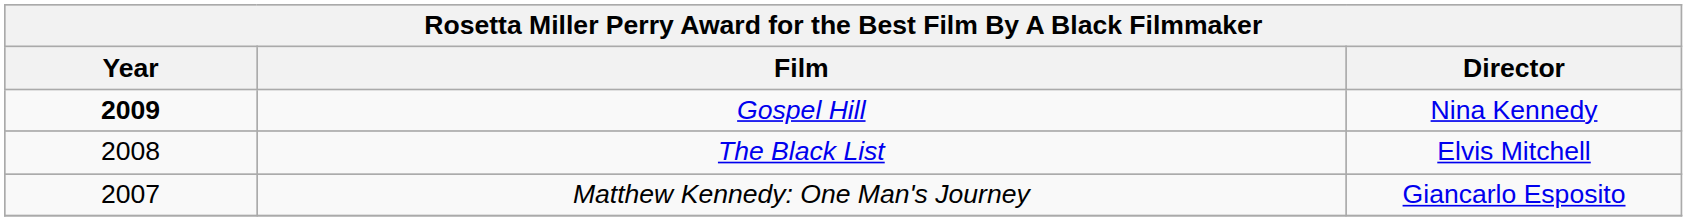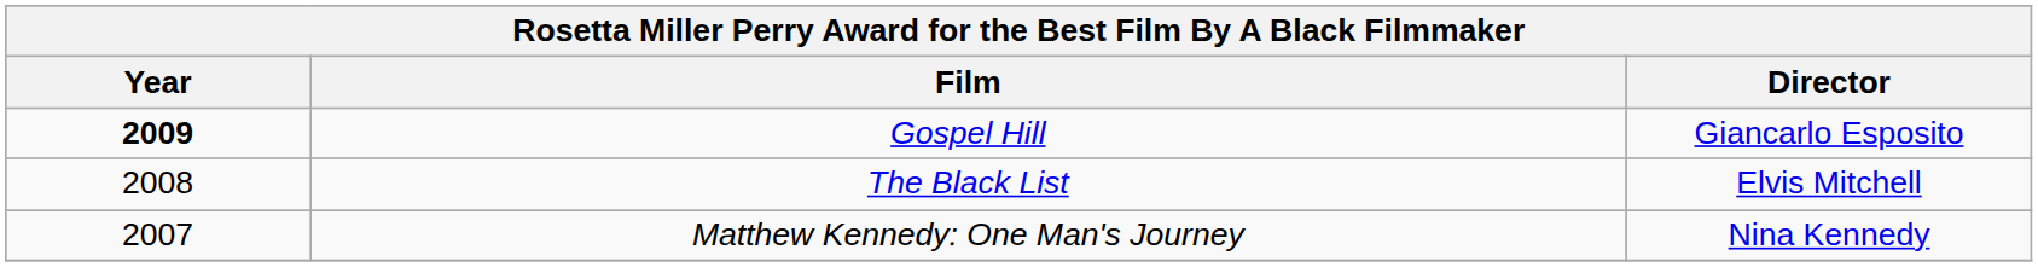 <table class="wikitable" width="80%">
 <tr>
 <th colspan="3" align="center">Rosetta Miller Perry Award for the Best Film By A Black Filmmaker</th>
 </tr>
 <tr>
 <th width="15%">Year</th>
 <th width="65%">Film</th>
 <th width="20%">Director</th>
 </tr>
 <tr>
 <td align="center"><strong>2009</strong></td>
 <td align="center"><em><a href='#'>Gospel Hill</a></em></td>
-<td align="center"><a href='#'>Nina Kennedy</a></td>
+<td align="center"><a href='#'>Giancarlo Esposito</a></td>
 </tr>
 <tr>
 <td align="center">2008</td>
 <td align="center"><a href='#'><em>The Black List</em></a></td>
 <td align="center"><a href='#'>Elvis Mitchell</a></td>
 </tr>
 <tr>
 <td align="center">2007</td>
 <td align="center"><em>Matthew Kennedy: One Man's Journey</em></td>
-<td align="center"><a href='#'>Giancarlo Esposito</a></td>
+<td align="center"><a href='#'>Nina Kennedy</a></td>
 </tr>
 <tr>
 </tr>
 </table>
